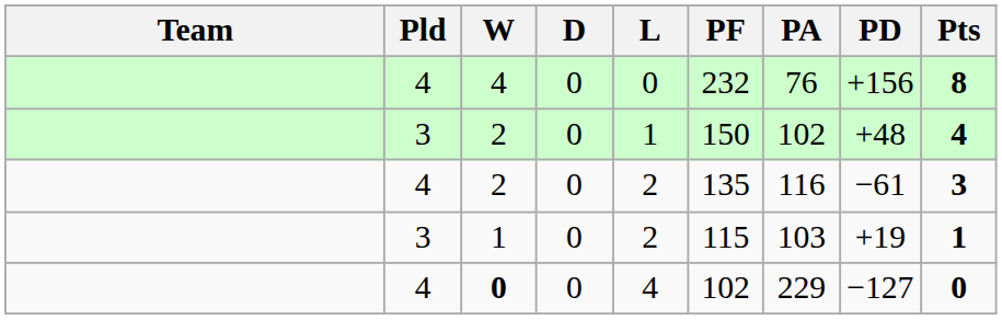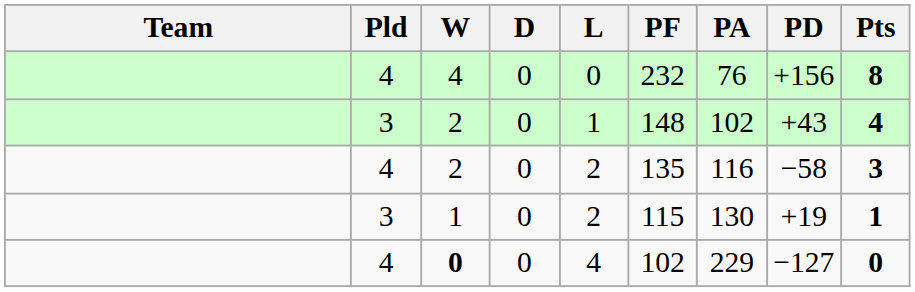 <table class=wikitable style="text-align:center">
 <tr>
 <th width=180>Team</th>
 <th width=30>Pld</th>
 <th width=30>W</th>
 <th width=30>D</th>
 <th width=30>L</th>
 <th width=30>PF</th>
 <th width=30>PA</th>
 <th width=30>PD</th>
 <th width=30>Pts</th>
 </tr>
 <tr bgcolor=ccffcc>
 <td style="text-align:left"></td>
 <td>4</td>
 <td>4</td>
 <td>0</td>
 <td>0</td>
 <td>232</td>
 <td>76</td>
 <td>+156</td>
 <td><strong>8</strong></td>
 </tr>
 <tr bgcolor=ccffcc>
 <td style="text-align:left"></td>
 <td>3</td>
 <td>2</td>
 <td>0</td>
 <td>1</td>
-<td>150</td>
+<td>148</td>
 <td>102</td>
-<td>+48</td>
+<td>+43</td>
 <td><strong>4</strong></td>
 </tr>
 <tr>
 <td style="text-align:left"></td>
 <td>4</td>
 <td>2</td>
 <td>0</td>
 <td>2</td>
 <td>135</td>
 <td>116</td>
-<td>−61</td>
+<td>−58</td>
 <td><strong>3</strong></td>
 </tr>
 <tr>
 <td style="text-align:left"></td>
 <td>3</td>
 <td>1</td>
 <td>0</td>
 <td>2</td>
 <td>115</td>
-<td>103</td>
+<td>130</td>
 <td>+19</td>
 <td><strong>1</strong></td>
 </tr>
 <tr>
 <td style="text-align:left"></td>
 <td>4</td>
 <td><strong>0</strong></td>
 <td>0</td>
 <td>4</td>
 <td>102</td>
 <td>229</td>
 <td>−127</td>
 <td><strong>0</strong></td>
 </tr>
 </table>
